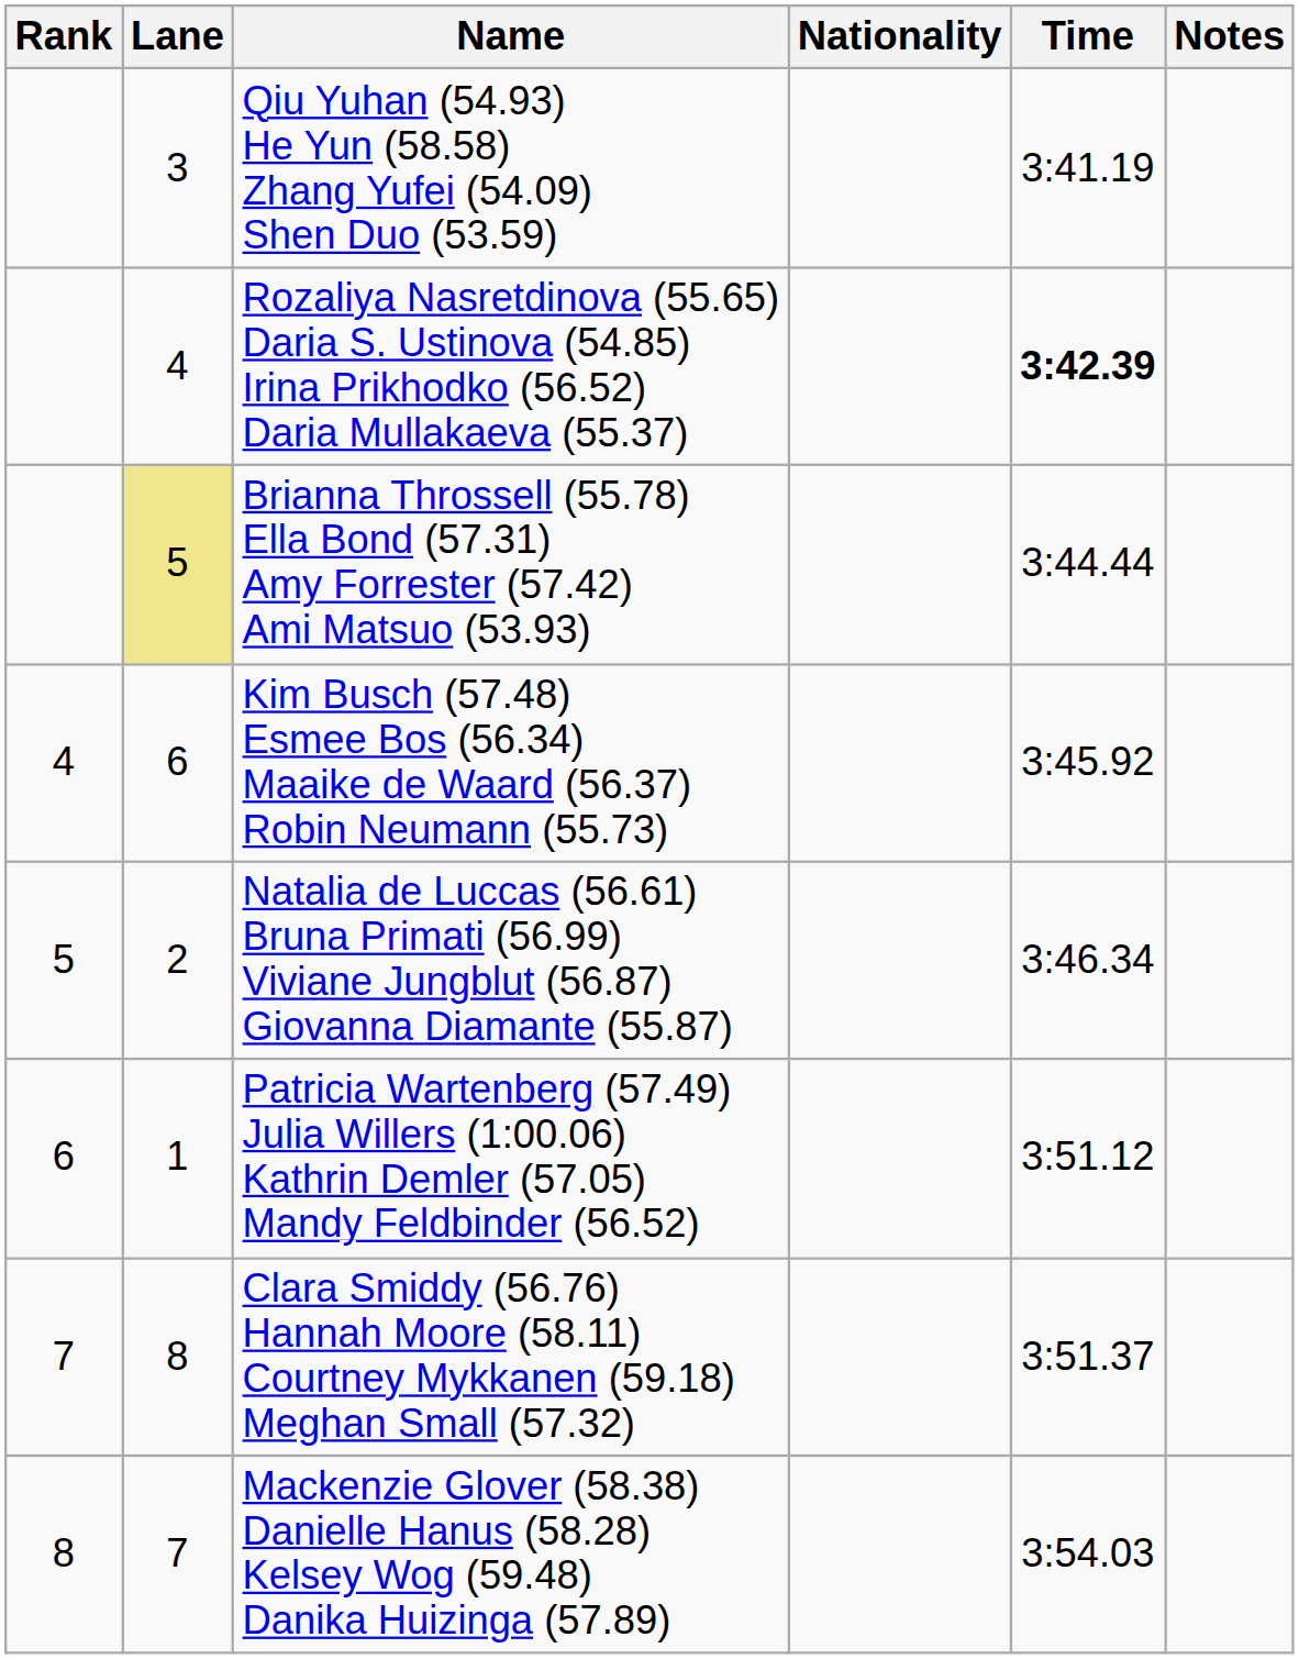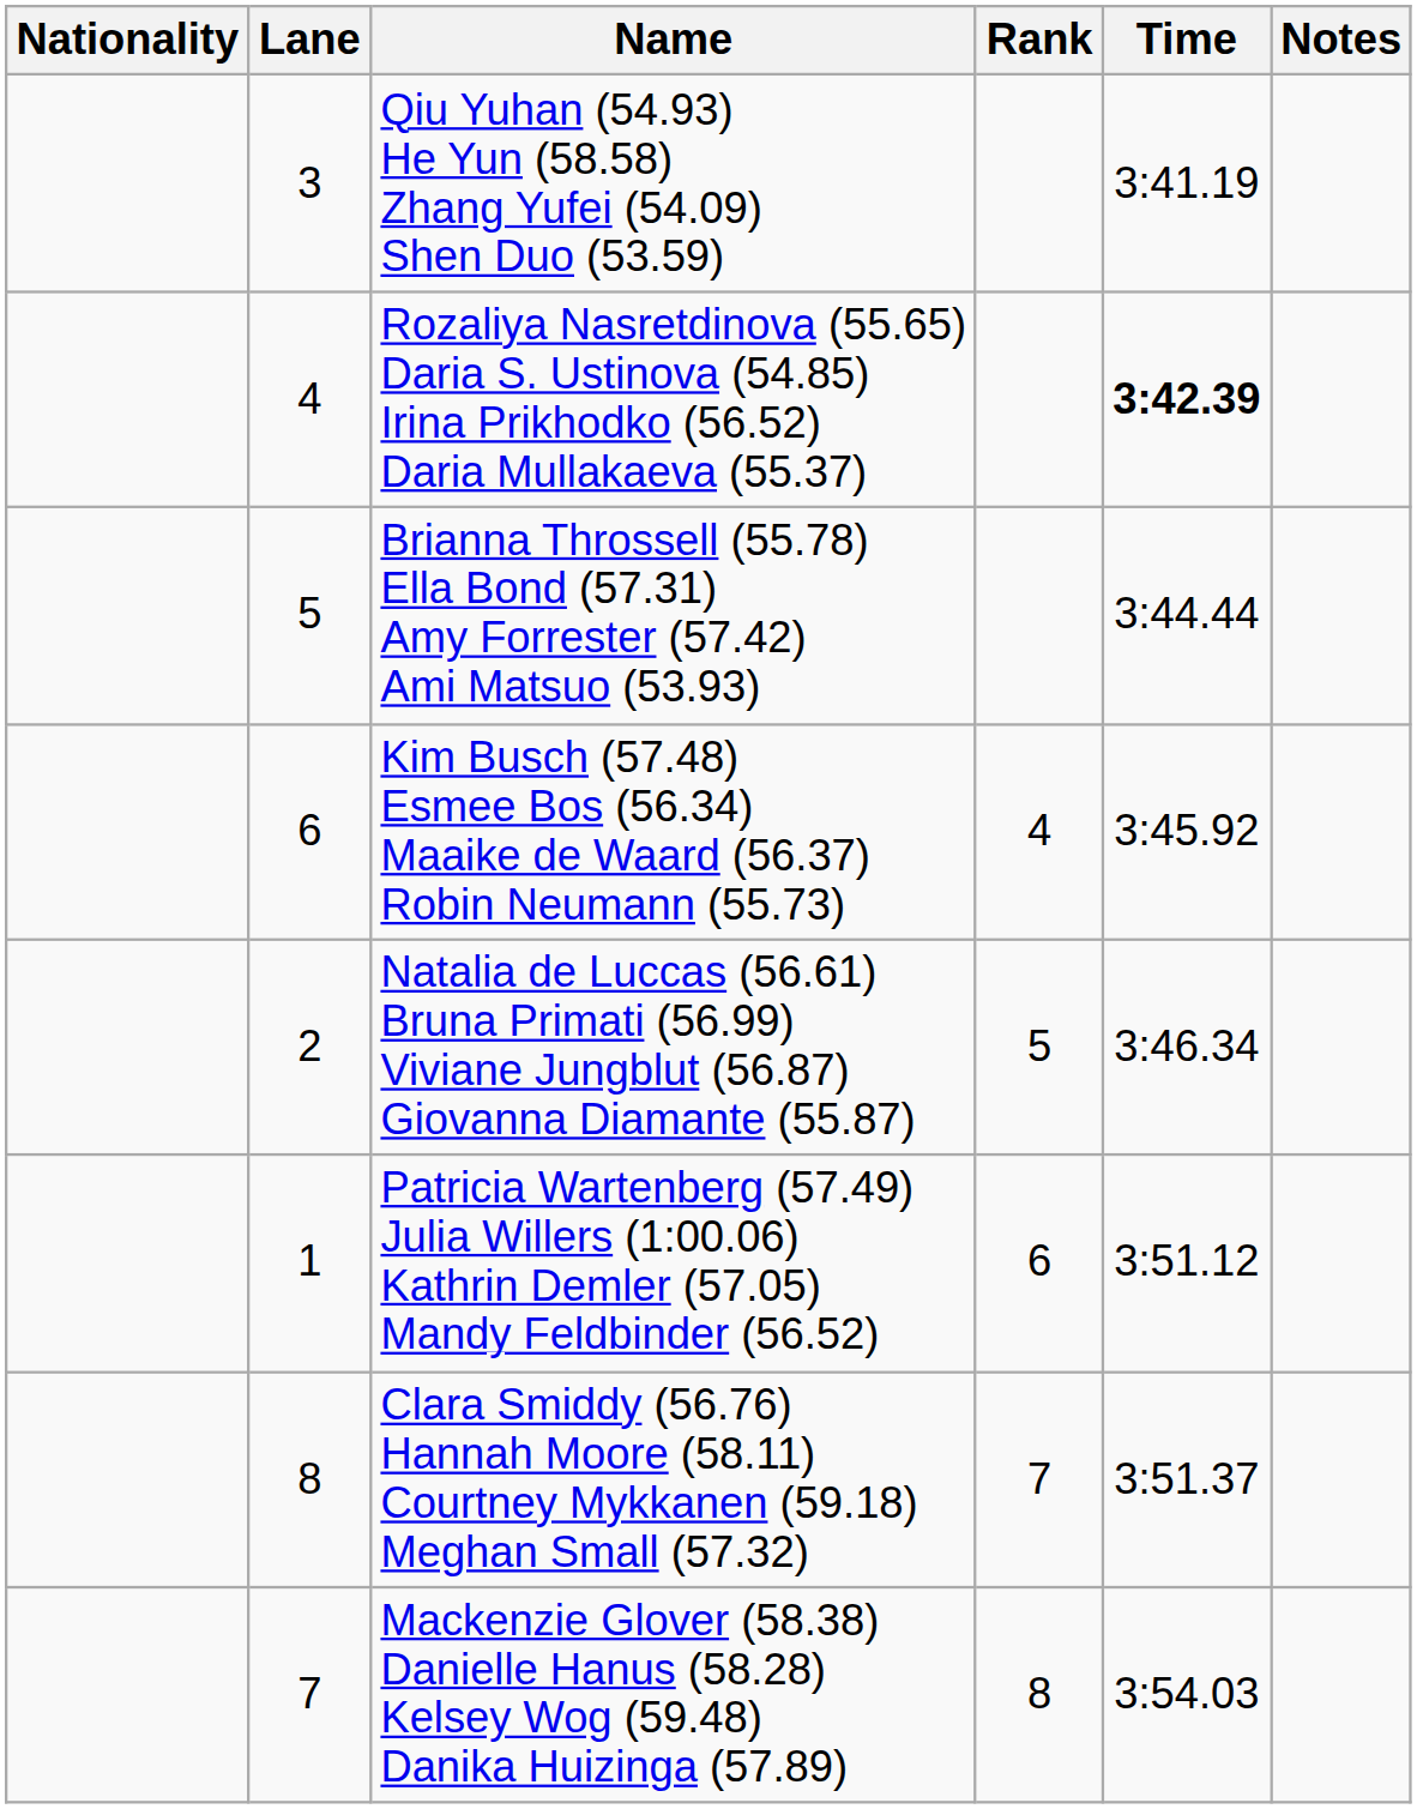 <table class="wikitable sortable" style="text-align:center">
 <tr>
-<th>Rank</th>
+<th>Nationality</th>
 <th>Lane</th>
 <th>Name</th>
-<th>Nationality</th>
+<th>Rank</th>
 <th>Time</th>
 <th>Notes</th>
 </tr>
 <tr>
-<td></td>
+<td align=left></td>
 <td>3</td>
 <td align=left><a href='#'>Qiu Yuhan</a> (54.93)<br><a href='#'>He Yun</a> (58.58)<br><a href='#'>Zhang Yufei</a> (54.09)<br><a href='#'>Shen Duo</a> (53.59)</td>
-<td align=left></td>
+<td></td>
 <td>3:41.19</td>
 <td></td>
 </tr>
 <tr>
-<td></td>
+<td align=left></td>
 <td>4</td>
 <td align=left><a href='#'>Rozaliya Nasretdinova</a> (55.65)<br><a href='#'>Daria S. Ustinova</a> (54.85)<br><a href='#'>Irina Prikhodko</a> (56.52)<br><a href='#'>Daria Mullakaeva</a> (55.37)</td>
-<td align=left></td>
+<td></td>
 <td><strong>3:42.39</strong></td>
 <td></td>
 </tr>
 <tr>
+<td align=left></td>
+<td>5</td>
+<td align=left><a href='#'>Brianna Throssell</a> (55.78)<br><a href='#'>Ella Bond</a> (57.31)<br><a href='#'>Amy Forrester</a> (57.42)<br><a href='#'>Ami Matsuo</a> (53.93)</td>
 <td></td>
-<td style="background: khaki;">5</td>
-<td align=left><a href='#'>Brianna Throssell</a> (55.78)<br><a href='#'>Ella Bond</a> (57.31)<br><a href='#'>Amy Forrester</a> (57.42)<br><a href='#'>Ami Matsuo</a> (53.93)</td>
-<td align=left></td>
 <td>3:44.44</td>
 <td></td>
 </tr>
 <tr>
-<td>4</td>
+<td align=left></td>
 <td>6</td>
 <td align=left><a href='#'>Kim Busch</a> (57.48)<br><a href='#'>Esmee Bos</a> (56.34)<br><a href='#'>Maaike de Waard</a> (56.37)<br><a href='#'>Robin Neumann</a> (55.73)</td>
-<td align=left></td>
+<td>4</td>
 <td>3:45.92</td>
 <td></td>
 </tr>
 <tr>
-<td>5</td>
+<td align=left></td>
 <td>2</td>
 <td align=left><a href='#'>Natalia de Luccas</a> (56.61)<br><a href='#'>Bruna Primati</a> (56.99)<br><a href='#'>Viviane Jungblut</a> (56.87)<br><a href='#'>Giovanna Diamante</a> (55.87)</td>
-<td align=left></td>
+<td>5</td>
 <td>3:46.34</td>
 <td></td>
 </tr>
 <tr>
-<td>6</td>
+<td align=left></td>
 <td>1</td>
 <td align=left><a href='#'>Patricia Wartenberg</a> (57.49)<br><a href='#'>Julia Willers</a> (1:00.06)<br><a href='#'>Kathrin Demler</a> (57.05)<br><a href='#'>Mandy Feldbinder</a> (56.52)</td>
-<td align=left></td>
+<td>6</td>
 <td>3:51.12</td>
 <td></td>
 </tr>
 <tr>
-<td>7</td>
+<td align=left></td>
 <td>8</td>
 <td align=left><a href='#'>Clara Smiddy</a> (56.76)<br><a href='#'>Hannah Moore</a> (58.11)<br><a href='#'>Courtney Mykkanen</a> (59.18)<br><a href='#'>Meghan Small</a> (57.32)</td>
-<td align=left></td>
+<td>7</td>
 <td>3:51.37</td>
 <td></td>
 </tr>
 <tr>
-<td>8</td>
+<td align=left></td>
 <td>7</td>
 <td align=left><a href='#'>Mackenzie Glover</a> (58.38)<br><a href='#'>Danielle Hanus</a> (58.28)<br><a href='#'>Kelsey Wog</a> (59.48)<br><a href='#'>Danika Huizinga</a> (57.89)</td>
-<td align=left></td>
+<td>8</td>
 <td>3:54.03</td>
 <td></td>
 </tr>
 </table>
